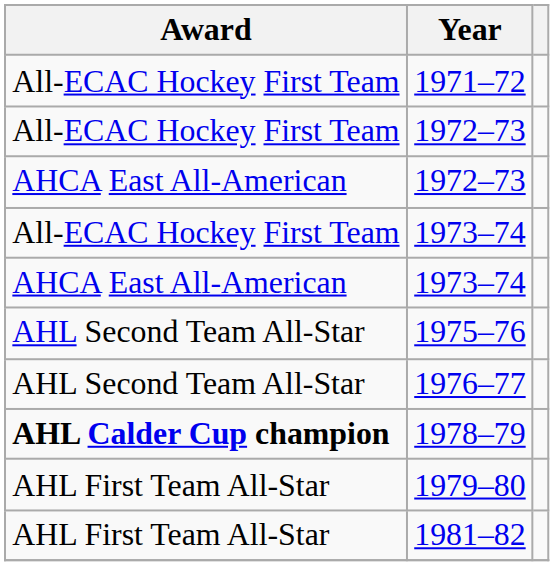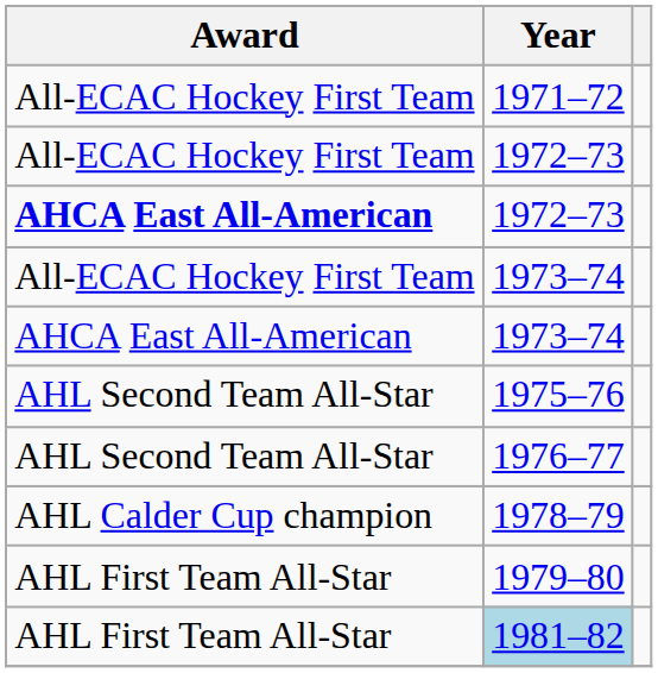 <table class="wikitable">
 <tr>
 <th>Award</th>
 <th>Year</th>
 <th></th>
 </tr>
 <tr>
 <td>All-<a href='#'>ECAC Hockey</a> <a href='#'>First Team</a></td>
 <td><a href='#'>1971–72</a></td>
 <td></td>
 </tr>
 <tr>
 <td>All-<a href='#'>ECAC Hockey</a> <a href='#'>First Team</a></td>
 <td><a href='#'>1972–73</a></td>
 <td></td>
 </tr>
 <tr>
-<td><a href='#'>AHCA</a> <a href='#'>East All-American</a></td>
+<td><strong><a href='#'>AHCA</a> <a href='#'>East All-American</a></strong></td>
 <td><a href='#'>1972–73</a></td>
 <td></td>
 </tr>
 <tr>
 <td>All-<a href='#'>ECAC Hockey</a> <a href='#'>First Team</a></td>
 <td><a href='#'>1973–74</a></td>
 <td></td>
 </tr>
 <tr>
 <td><a href='#'>AHCA</a> <a href='#'>East All-American</a></td>
 <td><a href='#'>1973–74</a></td>
 <td></td>
 </tr>
 <tr>
 <td><a href='#'>AHL</a> Second Team All-Star</td>
 <td><a href='#'>1975–76</a></td>
 <td></td>
 </tr>
 <tr>
 <td>AHL Second Team All-Star</td>
 <td><a href='#'>1976–77</a></td>
 <td></td>
 </tr>
 <tr>
-<td><strong>AHL <a href='#'>Calder Cup</a> champion</strong></td>
+<td>AHL <a href='#'>Calder Cup</a> champion</td>
 <td><a href='#'>1978–79</a></td>
 <td></td>
 </tr>
 <tr>
 <td>AHL First Team All-Star</td>
 <td><a href='#'>1979–80</a></td>
 <td></td>
 </tr>
 <tr>
 <td>AHL First Team All-Star</td>
-<td><a href='#'>1981–82</a></td>
+<td style="background: lightblue;"><a href='#'>1981–82</a></td>
 <td></td>
 </tr>
 <tr>
 </tr>
 </table>
